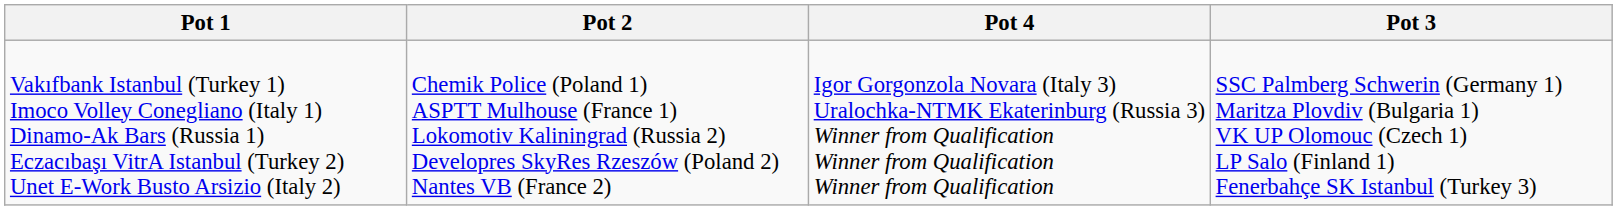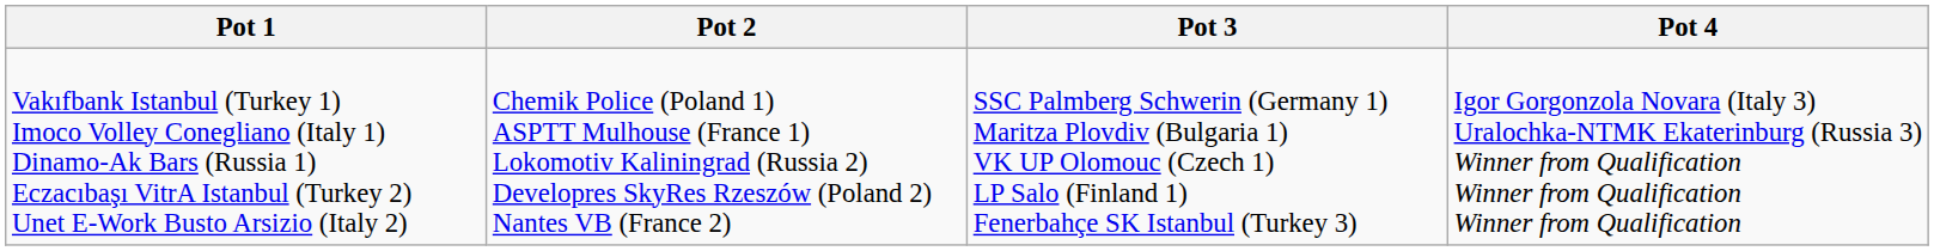 <table class="wikitable">
 <tr>
 <th width=25%>Pot 1</th>
 <th width=25%>Pot 2</th>
+<th width=25%>Pot 3</th>
 <th width=25%>Pot 4</th>
-<th width=25%>Pot 3</th>
 </tr>
 <tr>
 <td><br> <a href='#'>Vakıfbank Istanbul</a> (Turkey 1)<br>  <a href='#'>Imoco Volley Conegliano</a> (Italy 1)<br>  <a href='#'>Dinamo-Ak Bars</a> (Russia 1)<br>  <a href='#'>Eczacıbaşı VitrA Istanbul</a> (Turkey 2)<br>  <a href='#'>Unet E-Work Busto Arsizio</a> (Italy 2)</td>
 <td><br> <a href='#'>Chemik Police</a> (Poland 1)<br>  <a href='#'>ASPTT Mulhouse</a> (France 1)<br>  <a href='#'>Lokomotiv Kaliningrad</a> (Russia 2)<br>  <a href='#'>Developres SkyRes Rzeszów</a> (Poland 2)<br>  <a href='#'>Nantes VB</a> (France 2)<br></td>
+<td><br> <a href='#'>SSC Palmberg Schwerin</a> (Germany 1)<br>  <a href='#'>Maritza Plovdiv</a> (Bulgaria 1)<br>  <a href='#'>VK UP Olomouc</a> (Czech 1)<br>  <a href='#'>LP Salo</a> (Finland 1)<br>  <a href='#'>Fenerbahçe SK Istanbul</a> (Turkey 3)<br></td>
 <td><br> <a href='#'>Igor Gorgonzola Novara</a> (Italy 3)<br>  <a href='#'>Uralochka-NTMK Ekaterinburg</a> (Russia 3)<br>  <em>Winner from Qualification</em><br>  <em>Winner from Qualification</em><br>  <em>Winner from Qualification</em><br></td>
-<td><br> <a href='#'>SSC Palmberg Schwerin</a> (Germany 1)<br>  <a href='#'>Maritza Plovdiv</a> (Bulgaria 1)<br>  <a href='#'>VK UP Olomouc</a> (Czech 1)<br>  <a href='#'>LP Salo</a> (Finland 1)<br>  <a href='#'>Fenerbahçe SK Istanbul</a> (Turkey 3)<br></td>
 </tr>
 </table>
